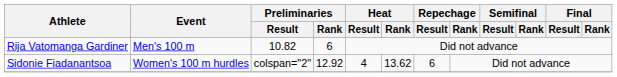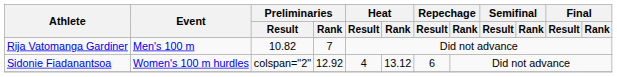 <table class="wikitable" style="font-size:90%">
 <tr>
 <th rowspan="2">Athlete</th>
 <th rowspan="2">Event</th>
 <th colspan="2">Preliminaries</th>
 <th colspan="2">Heat</th>
 <th colspan="2">Repechage</th>
 <th colspan="2">Semifinal</th>
 <th colspan="2">Final</th>
 </tr>
 <tr style="font-size:95%">
 <th>Result</th>
 <th>Rank</th>
 <th>Result</th>
 <th>Rank</th>
 <th>Result</th>
 <th>Rank</th>
 <th>Result</th>
 <th>Rank</th>
 <th>Result</th>
 <th>Rank</th>
 </tr>
 <tr align=center>
 <td align=left><a href='#'>Rija Vatomanga Gardiner</a></td>
 <td align=left><a href='#'>Men's 100 m</a></td>
 <td>10.82 </td>
-<td>6</td>
+<td>7</td>
 <td colspan="8">Did not advance</td>
 </tr>
 <tr align=center>
 <td align=left><a href='#'>Sidonie Fiadanantsoa</a></td>
 <td align=left><a href='#'>Women's 100 m hurdles</a></td>
 <td>colspan="2" </td>
 <td>12.92</td>
 <td>4</td>
-<td>13.62</td>
+<td>13.12</td>
 <td>6</td>
 <td colspan="8">Did not advance</td>
 </tr>
 <tr align=center>
 </tr>
 </table>
